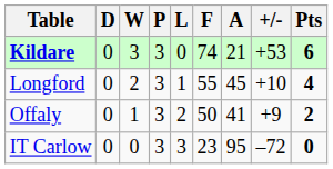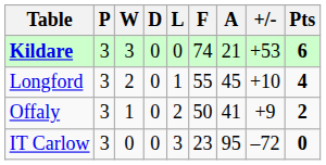 <table class="wikitable">
 <tr>
 <th>Table</th>
+<th>P</th>
+<th>W</th>
 <th>D</th>
-<th>W</th>
-<th>P</th>
 <th>L</th>
 <th>F</th>
 <th>A</th>
 <th>+/-</th>
 <th>Pts</th>
 </tr>
 <tr style="text-align:Center; background:#cfc;">
 <td align=left> <strong><a href='#'>Kildare</a></strong></td>
-<td>0</td>
 <td>3</td>
 <td>3</td>
+<td>0</td>
 <td>0</td>
 <td>74</td>
 <td>21</td>
 <td>+53</td>
 <td><strong>6</strong></td>
 </tr>
 <tr style="text-align:Center;">
 <td align=left> <a href='#'>Longford</a></td>
+<td>3</td>
+<td>2</td>
 <td>0</td>
-<td>2</td>
-<td>3</td>
 <td>1</td>
 <td>55</td>
 <td>45</td>
 <td>+10</td>
 <td><strong>4</strong></td>
 </tr>
 <tr style="text-align:Center;">
 <td align=left> <a href='#'>Offaly</a></td>
+<td>3</td>
+<td>1</td>
 <td>0</td>
-<td>1</td>
-<td>3</td>
 <td>2</td>
 <td>50</td>
 <td>41</td>
 <td>+9</td>
 <td><strong>2</strong></td>
 </tr>
 <tr style="text-align:Center;">
 <td align=left> <a href='#'>IT Carlow</a></td>
+<td>3</td>
 <td>0</td>
 <td>0</td>
-<td>3</td>
 <td>3</td>
 <td>23</td>
 <td>95</td>
 <td>–72</td>
 <td><strong>0</strong></td>
 </tr>
 </table>
